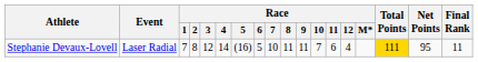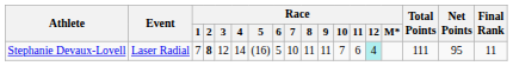 <table class="wikitable" style="font-size:90%">
 <tr>
 <th rowspan=2>Athlete</th>
 <th rowspan=2>Event</th>
 <th colspan=13>Race</th>
 <th rowspan=2>Total<br>Points</th>
 <th rowspan=2>Net<br>Points</th>
 <th rowspan=2>Final<br>Rank</th>
 </tr>
 <tr style="font-size:95%">
 <th>1</th>
 <th>2</th>
 <th>3</th>
 <th>4</th>
 <th>5</th>
 <th>6</th>
 <th>7</th>
 <th>8</th>
 <th>9</th>
 <th>10</th>
 <th>11</th>
 <th>12</th>
 <th>M*</th>
 </tr>
 <tr align=center>
 <td align=left><a href='#'>Stephanie Devaux-Lovell</a></td>
 <td align=left><a href='#'>Laser Radial</a></td>
 <td>7</td>
-<td>8</td>
+<td><strong>8</strong></td>
 <td>12</td>
 <td>14</td>
 <td>(16)</td>
 <td>5</td>
 <td>10</td>
 <td>11</td>
 <td>11</td>
 <td>7</td>
 <td>6</td>
-<td>4</td>
+<td style="background: paleturquoise;">4</td>
 <td></td>
-<td style="background: gold;">111</td>
+<td>111</td>
 <td>95</td>
 <td>11</td>
 </tr>
 </table>
